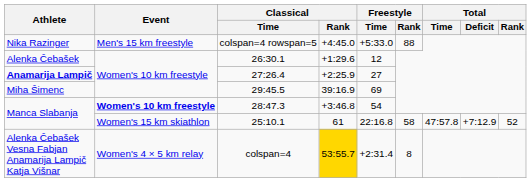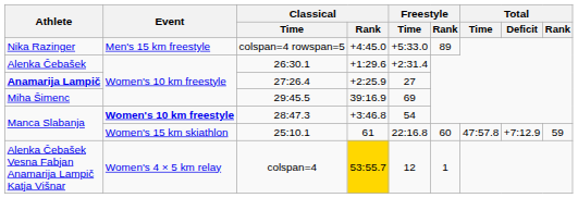 <table class="wikitable" style="font-size:90%">
 <tr>
 <th rowspan=2>Athlete</th>
 <th rowspan=2>Event</th>
 <th colspan=2>Classical</th>
 <th colspan=2>Freestyle</th>
 <th colspan=3>Total</th>
 </tr>
 <tr style="font-size:95%">
 <th>Time</th>
 <th>Rank</th>
 <th>Time</th>
 <th>Rank</th>
 <th>Time</th>
 <th>Deficit</th>
 <th>Rank</th>
 </tr>
 <tr align=center>
 <td style="text-align:left;"><a href='#'>Nika Razinger</a></td>
 <td align=left><a href='#'>Men's 15 km freestyle</a></td>
 <td>colspan=4 rowspan=5 </td>
 <td>+4:45.0</td>
 <td>+5:33.0</td>
-<td>88</td>
+<td>89</td>
 </tr>
 <tr align=center>
 <td style="text-align:left;"><a href='#'>Alenka Čebašek</a></td>
 <td style="text-align:left;" rowspan="3"><a href='#'>Women's 10 km freestyle</a></td>
 <td>26:30.1</td>
 <td>+1:29.6</td>
-<td>12</td>
+<td>+2:31.4</td>
 </tr>
 <tr align=center>
 <td style="text-align:left;"><strong><a href='#'>Anamarija Lampič</a></strong></td>
 <td>27:26.4</td>
 <td>+2:25.9</td>
 <td>27</td>
 </tr>
 <tr align=center>
 <td style="text-align:left;"><a href='#'>Miha Šimenc</a></td>
 <td>29:45.5</td>
 <td>39:16.9</td>
 <td>69</td>
 </tr>
 <tr align=center>
 <td style="text-align:left;" rowspan=2><a href='#'>Manca Slabanja</a></td>
 <td align=left><strong><a href='#'>Women's 10 km freestyle</a></strong></td>
 <td>28:47.3</td>
 <td>+3:46.8</td>
 <td>54</td>
 </tr>
 <tr align=center>
 <td align=left><a href='#'>Women's 15 km skiathlon</a></td>
 <td>25:10.1</td>
 <td>61</td>
 <td>22:16.8</td>
-<td>58</td>
+<td>60</td>
 <td>47:57.8</td>
 <td>+7:12.9</td>
-<td>52</td>
+<td>59</td>
 </tr>
 <tr align=center>
 <td align=left><a href='#'>Alenka Čebašek</a><br><a href='#'>Vesna Fabjan</a><br><a href='#'>Anamarija Lampič</a><br><a href='#'>Katja Višnar</a></td>
 <td align=left><a href='#'>Women's 4 × 5 km relay</a></td>
 <td>colspan=4 </td>
 <td style="background: gold;">53:55.7</td>
-<td>+2:31.4</td>
-<td>8</td>
+<td>12</td>
+<td>1</td>
 </tr>
 </table>
